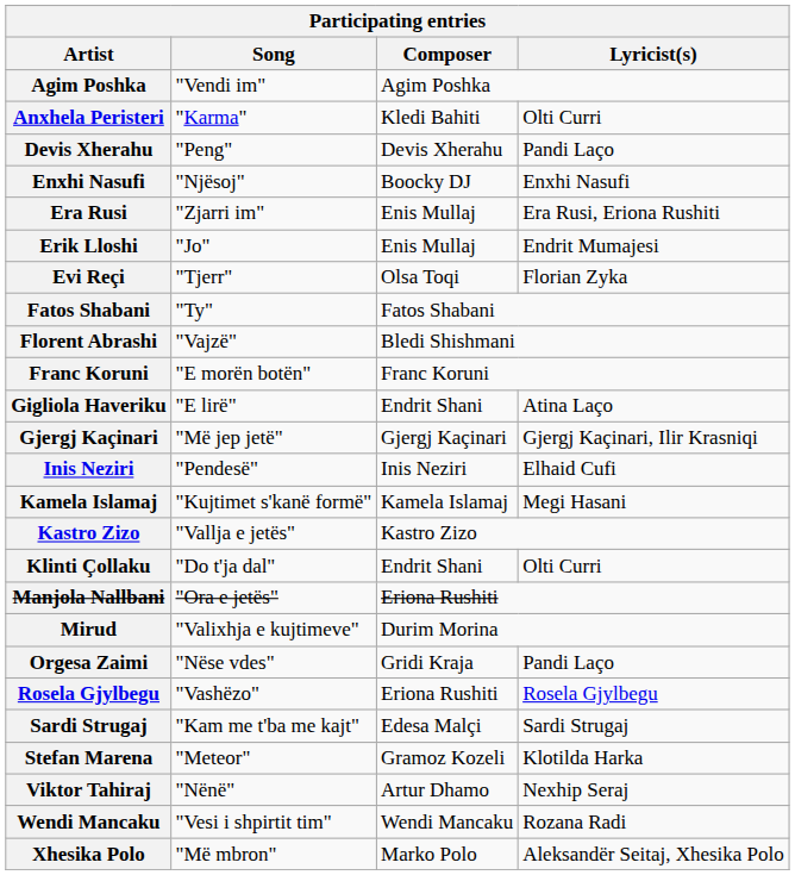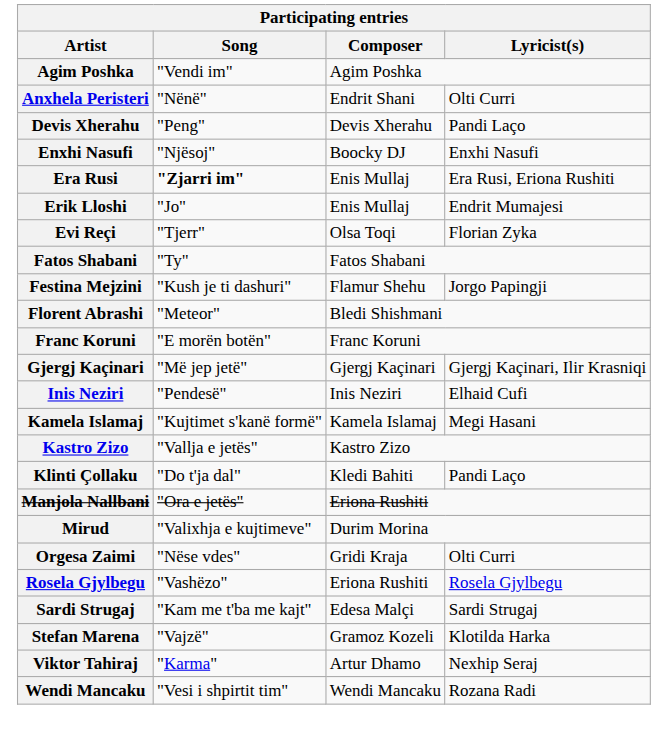 <table class="wikitable sortable plainrowheaders" style="margin: 1em auto 1em auto">
 <tr>
 <th colspan=4>Participating entries</th>
 </tr>
 <tr>
 <th scope="col">Artist</th>
 <th scope="col">Song</th>
 <th scope="col">Composer</th>
 <th scope="col">Lyricist(s)</th>
 </tr>
 <tr>
 <th scope="row">Agim Poshka</th>
 <td>"Vendi im"</td>
 <td colspan="2">Agim Poshka</td>
 </tr>
 <tr>
 <th scope="row"><a href='#'>Anxhela Peristeri</a></th>
-<td>"<a href='#'>Karma</a>"</td>
-<td>Kledi Bahiti</td>
+<td>"Nënë"</td>
+<td>Endrit Shani</td>
 <td>Olti Curri</td>
 </tr>
 <tr>
 <th scope="row">Devis Xherahu</th>
 <td>"Peng"</td>
 <td>Devis Xherahu</td>
 <td>Pandi Laço</td>
 </tr>
 <tr>
 <th scope="row">Enxhi Nasufi</th>
 <td>"Njësoj"</td>
 <td>Boocky DJ</td>
 <td>Enxhi Nasufi</td>
 </tr>
 <tr>
 <th scope="row">Era Rusi</th>
-<td>"Zjarri im"</td>
+<td><strong>"Zjarri im"</strong></td>
 <td>Enis Mullaj</td>
 <td>Era Rusi, Eriona Rushiti</td>
 </tr>
 <tr>
 <th scope="row">Erik Lloshi</th>
 <td>"Jo"</td>
 <td>Enis Mullaj</td>
 <td>Endrit Mumajesi</td>
 </tr>
 <tr>
 <th scope="row">Evi Reçi</th>
 <td>"Tjerr"</td>
 <td>Olsa Toqi</td>
 <td>Florian Zyka</td>
 </tr>
 <tr>
 <th scope="row">Fatos Shabani</th>
 <td>"Ty"</td>
 <td colspan="2">Fatos Shabani</td>
 </tr>
 <tr>
+<th scope="row">Festina Mejzini</th>
+<td>"Kush je ti dashuri"</td>
+<td>Flamur Shehu</td>
+<td>Jorgo Papingji</td>
+</tr>
+<tr>
 <th scope="row">Florent Abrashi</th>
-<td>"Vajzë"</td>
+<td>"Meteor"</td>
 <td colspan="2">Bledi Shishmani</td>
 </tr>
 <tr>
 <th scope="row">Franc Koruni</th>
 <td>"E morën botën"</td>
 <td colspan="2">Franc Koruni</td>
-</tr>
-<tr>
-<th scope="row">Gigliola Haveriku</th>
-<td>"E lirë"</td>
-<td>Endrit Shani</td>
-<td>Atina Laço</td>
 </tr>
 <tr>
 <th scope="row">Gjergj Kaçinari</th>
 <td>"Më jep jetë"</td>
 <td>Gjergj Kaçinari</td>
 <td>Gjergj Kaçinari, Ilir Krasniqi</td>
 </tr>
 <tr>
 <th scope="row"><a href='#'>Inis Neziri</a></th>
 <td>"Pendesë"</td>
 <td>Inis Neziri</td>
 <td>Elhaid Cufi</td>
 </tr>
 <tr>
 <th scope="row">Kamela Islamaj</th>
 <td>"Kujtimet s'kanë formë"</td>
 <td>Kamela Islamaj</td>
 <td>Megi Hasani</td>
 </tr>
 <tr>
 <th scope="row"><a href='#'>Kastro Zizo</a></th>
 <td>"Vallja e jetës"</td>
 <td colspan="2">Kastro Zizo</td>
 </tr>
 <tr>
 <th scope="row">Klinti Çollaku</th>
 <td>"Do t'ja dal"</td>
-<td>Endrit Shani</td>
-<td>Olti Curri</td>
+<td>Kledi Bahiti</td>
+<td>Pandi Laço</td>
 </tr>
 <tr style="text-decoration: line-through;">
 <th scope="row">Manjola Nallbani</th>
 <td>"Ora e jetës"</td>
 <td colspan="2">Eriona Rushiti</td>
 </tr>
 <tr>
 <th scope="row">Mirud</th>
 <td>"Valixhja e kujtimeve"</td>
 <td colspan="2">Durim Morina</td>
 </tr>
 <tr>
 <th scope="row">Orgesa Zaimi</th>
 <td>"Nëse vdes"</td>
 <td>Gridi Kraja</td>
-<td>Pandi Laço</td>
+<td>Olti Curri</td>
 </tr>
 <tr>
 <th scope="row"><a href='#'>Rosela Gjylbegu</a></th>
 <td>"Vashëzo"</td>
 <td>Eriona Rushiti</td>
 <td><a href='#'>Rosela Gjylbegu</a></td>
 </tr>
 <tr>
 <th scope="row">Sardi Strugaj</th>
 <td>"Kam me t'ba me kajt"</td>
 <td>Edesa Malçi</td>
 <td>Sardi Strugaj</td>
 </tr>
 <tr>
 <th scope="row">Stefan Marena</th>
-<td>"Meteor"</td>
+<td>"Vajzë"</td>
 <td>Gramoz Kozeli</td>
 <td>Klotilda Harka</td>
 </tr>
 <tr>
 <th scope="row">Viktor Tahiraj</th>
-<td>"Nënë"</td>
+<td>"<a href='#'>Karma</a>"</td>
 <td>Artur Dhamo</td>
 <td>Nexhip Seraj</td>
 </tr>
 <tr>
 <th scope="row">Wendi Mancaku</th>
 <td>"Vesi i shpirtit tim"</td>
 <td>Wendi Mancaku</td>
 <td>Rozana Radi</td>
 </tr>
-<tr>
-<th scope="row">Xhesika Polo</th>
-<td>"Më mbron"</td>
-<td>Marko Polo</td>
-<td>Aleksandër Seitaj, Xhesika Polo</td>
-</tr>
 </table>
